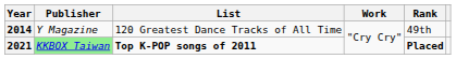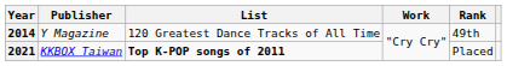 <table class="wikitable plainrowheaders">
 <tr>
 <th>Year</th>
 <th>Publisher</th>
 <th>List</th>
 <th>Work</th>
 <th>Rank</th>
 <th></th>
 </tr>
 <tr>
 <th scope="row">2014</th>
 <td><em>Y Magazine</em></td>
 <td>120 Greatest Dance Tracks of All Time</td>
 <td rowspan="2">"Cry Cry"</td>
 <td>49th</td>
 <td></td>
 </tr>
 <tr>
 <th scope="row">2021</th>
-<td style="background: lightgreen;"><em><a href='#'>KKBOX Taiwan</a></em></td>
+<td><em><a href='#'>KKBOX Taiwan</a></em></td>
 <td><strong>Top K-POP songs of 2011</strong></td>
-<td><strong>Placed</strong></td>
+<td>Placed</td>
 <td></td>
 </tr>
 </table>
